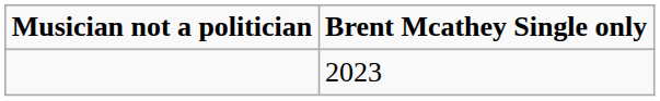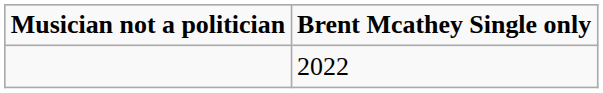 <table class="wikitable">
 <tr>
 <td><strong>Musician not a politician</strong></td>
 <td><strong>Brent Mcathey Single only</strong></td>
 </tr>
 <tr>
 <td></td>
-<td>2023</td>
+<td>2022</td>
 </tr>
 </table>
